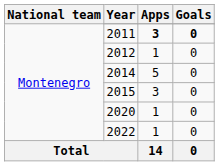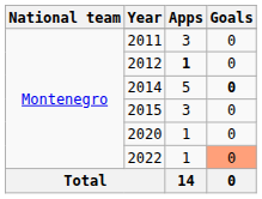 <table class="wikitable" style="text-align: center;">
 <tr>
 <th>National team</th>
 <th>Year</th>
 <th>Apps</th>
 <th>Goals</th>
 </tr>
 <tr>
 <td rowspan="7" valign="center"><a href='#'>Montenegro</a></td>
 </tr>
 <tr>
 <td>2011</td>
-<td><strong>3</strong></td>
-<td><strong>0</strong></td>
+<td>3</td>
+<td>0</td>
 </tr>
 <tr>
 <td>2012</td>
-<td>1</td>
+<td><strong>1</strong></td>
 <td>0</td>
 </tr>
 <tr>
 <td>2014</td>
 <td>5</td>
-<td>0</td>
+<td><strong>0</strong></td>
 </tr>
 <tr>
 <td>2015</td>
 <td>3</td>
 <td>0</td>
 </tr>
 <tr>
 <td>2020</td>
 <td>1</td>
 <td>0</td>
 </tr>
 <tr>
 <td>2022</td>
 <td>1</td>
-<td>0</td>
+<td style="background: lightsalmon;">0</td>
 </tr>
 <tr>
 <th colspan=2>Total</th>
 <th>14</th>
 <th>0</th>
 </tr>
 </table>
